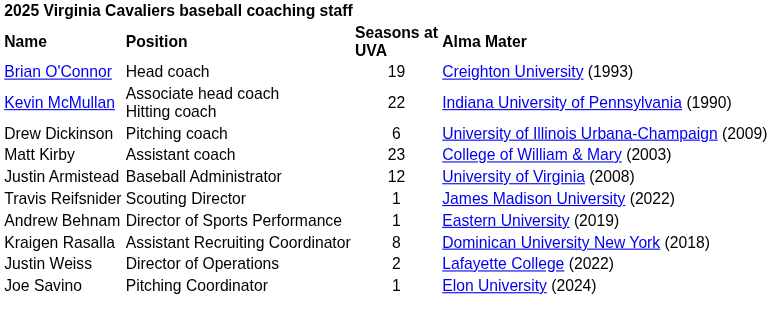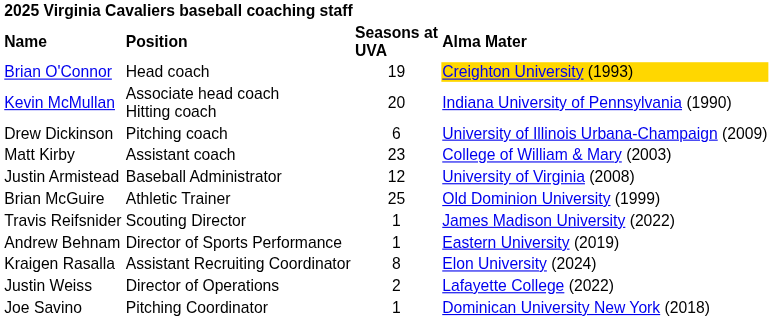 <table class="toccolours" style="text-align: left; font-size:90%;">
 <tr>
 <th colspan="4">2025 Virginia Cavaliers baseball coaching staff</th>
 </tr>
 <tr>
 <th>Name</th>
 <th>Position</th>
 <th>Seasons at<br>UVA</th>
 <th>Alma Mater</th>
 </tr>
 <tr>
 <td><a href='#'>Brian O'Connor</a></td>
 <td>Head coach</td>
 <td align=center>19</td>
-<td><a href='#'>Creighton University</a> (1993)</td>
+<td style="background: gold;"><a href='#'>Creighton University</a> (1993)</td>
 </tr>
 <tr>
 <td><a href='#'>Kevin McMullan</a></td>
 <td>Associate head coach<br>Hitting coach</td>
-<td align=center>22</td>
+<td align=center>20</td>
 <td><a href='#'>Indiana University of Pennsylvania</a> (1990)</td>
 </tr>
 <tr>
 <td>Drew Dickinson</td>
 <td>Pitching coach</td>
 <td align=center>6</td>
 <td><a href='#'>University of Illinois Urbana-Champaign</a> (2009)</td>
 </tr>
 <tr>
 <td>Matt Kirby</td>
 <td>Assistant coach</td>
 <td align=center>23</td>
 <td><a href='#'>College of William & Mary</a> (2003)</td>
 </tr>
 <tr>
 <td>Justin Armistead</td>
 <td>Baseball Administrator</td>
 <td align=center>12</td>
 <td><a href='#'>University of Virginia</a> (2008)</td>
 </tr>
 <tr>
+<td>Brian McGuire</td>
+<td>Athletic Trainer</td>
+<td align=center>25</td>
+<td><a href='#'>Old Dominion University</a> (1999)</td>
+</tr>
+<tr>
 <td>Travis Reifsnider</td>
 <td>Scouting Director</td>
 <td align=center>1</td>
 <td><a href='#'>James Madison University</a> (2022)</td>
 </tr>
 <tr>
 <td>Andrew Behnam</td>
 <td>Director of Sports Performance</td>
 <td align=center>1</td>
 <td><a href='#'>Eastern University</a> (2019)</td>
 </tr>
 <tr>
 <td>Kraigen Rasalla</td>
 <td>Assistant Recruiting Coordinator</td>
 <td align=center>8</td>
-<td><a href='#'>Dominican University New York</a> (2018)</td>
+<td><a href='#'>Elon University</a> (2024)</td>
 </tr>
 <tr>
 <td>Justin Weiss</td>
 <td>Director of Operations</td>
 <td align=center>2</td>
 <td><a href='#'>Lafayette College</a> (2022)</td>
 </tr>
 <tr>
 <td>Joe Savino</td>
 <td>Pitching Coordinator</td>
 <td align=center>1</td>
-<td><a href='#'>Elon University</a> (2024)</td>
+<td><a href='#'>Dominican University New York</a> (2018)</td>
 </tr>
 </table>
